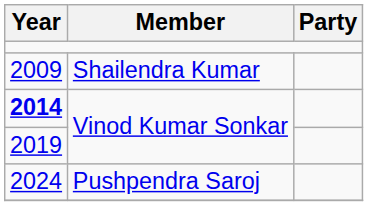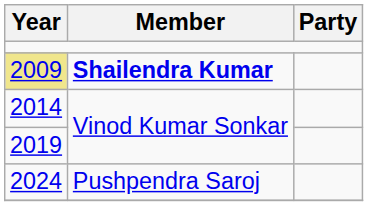 <table class="wikitable sortable">
 <tr>
 <th>Year</th>
 <th>Member</th>
 <th colspan="2">Party</th>
 </tr>
 <tr>
 <td colspan=4></td>
 </tr>
 <tr>
-<td><a href='#'>2009</a></td>
-<td><a href='#'>Shailendra Kumar</a></td>
+<td style="background: khaki;"><a href='#'>2009</a></td>
+<td><strong><a href='#'>Shailendra Kumar</a></strong></td>
 <td></td>
 </tr>
 <tr>
-<td><strong><a href='#'>2014</a></strong></td>
+<td><a href='#'>2014</a></td>
 <td rowspan="2"><a href='#'>Vinod Kumar Sonkar</a></td>
 <td></td>
 </tr>
 <tr>
 <td><a href='#'>2019</a></td>
 </tr>
 <tr>
 <td><a href='#'>2024</a></td>
 <td><a href='#'>Pushpendra Saroj</a></td>
 <td></td>
 </tr>
 <tr>
 </tr>
 </table>
